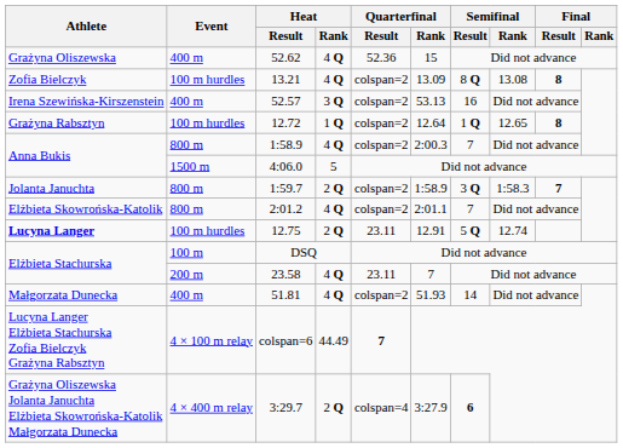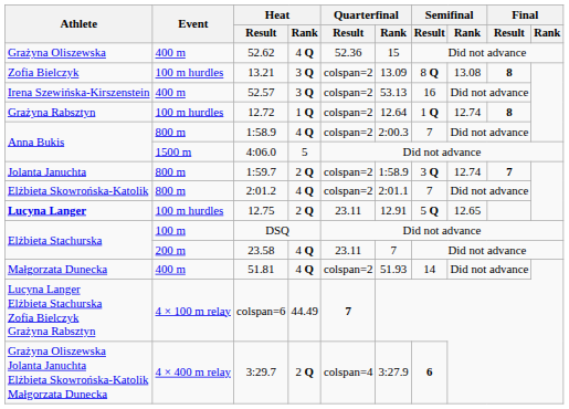 <table class="wikitable" style="font-size:90%">
 <tr>
 <th rowspan="2">Athlete</th>
 <th rowspan="2">Event</th>
 <th colspan="2">Heat</th>
 <th colspan="2">Quarterfinal</th>
 <th colspan="2">Semifinal</th>
 <th colspan="2">Final</th>
 </tr>
 <tr style="font-size:95%">
 <th>Result</th>
 <th>Rank</th>
 <th>Result</th>
 <th>Rank</th>
 <th>Result</th>
 <th>Rank</th>
 <th>Result</th>
 <th>Rank</th>
 </tr>
 <tr align=center>
 <td align=left><a href='#'>Grażyna Oliszewska</a></td>
 <td align=left><a href='#'>400 m</a></td>
 <td>52.62</td>
 <td>4 <strong>Q</strong></td>
 <td>52.36</td>
 <td>15</td>
 <td colspan=4>Did not advance</td>
 </tr>
 <tr align=center>
 <td align=left><a href='#'>Zofia Bielczyk</a></td>
 <td align=left><a href='#'>100 m hurdles</a></td>
 <td>13.21</td>
-<td>4 <strong>Q</strong></td>
+<td>3 <strong>Q</strong></td>
 <td>colspan=2 </td>
 <td>13.09</td>
 <td>8 <strong>Q</strong></td>
 <td>13.08</td>
 <td><strong>8</strong></td>
 </tr>
 <tr align=center>
 <td align=left><a href='#'>Irena Szewińska-Kirszenstein</a></td>
 <td align=left><a href='#'>400 m</a></td>
 <td>52.57</td>
 <td>3 <strong>Q</strong></td>
 <td>colspan=2 </td>
 <td>53.13</td>
 <td>16</td>
 <td colspan=2>Did not advance</td>
 </tr>
 <tr align=center>
 <td align=left><a href='#'>Grażyna Rabsztyn</a></td>
 <td align=left><a href='#'>100 m hurdles</a></td>
 <td>12.72</td>
 <td>1 <strong>Q</strong></td>
 <td>colspan=2 </td>
 <td>12.64</td>
 <td>1 <strong>Q</strong></td>
-<td>12.65</td>
+<td>12.74</td>
 <td><strong>8</strong></td>
 </tr>
 <tr align=center>
 <td style="text-align:left;" rowspan="2"><a href='#'>Anna Bukis</a></td>
 <td align=left><a href='#'>800 m</a></td>
 <td>1:58.9</td>
 <td>4 <strong>Q</strong></td>
 <td>colspan=2 </td>
 <td>2:00.3</td>
 <td>7</td>
 <td colspan=2>Did not advance</td>
 </tr>
 <tr align=center>
 <td align=left><a href='#'>1500 m</a></td>
 <td>4:06.0</td>
 <td>5</td>
 <td colspan=6>Did not advance</td>
 </tr>
 <tr align=center>
 <td align=left><a href='#'>Jolanta Januchta</a></td>
 <td align=left><a href='#'>800 m</a></td>
 <td>1:59.7</td>
 <td>2 <strong>Q</strong></td>
 <td>colspan=2 </td>
 <td>1:58.9</td>
 <td>3 <strong>Q</strong></td>
-<td>1:58.3</td>
+<td>12.74</td>
 <td><strong>7</strong></td>
 </tr>
 <tr align=center>
 <td align=left><a href='#'>Elżbieta Skowrońska-Katolik</a></td>
 <td align=left><a href='#'>800 m</a></td>
 <td>2:01.2</td>
 <td>4 <strong>Q</strong></td>
 <td>colspan=2 </td>
 <td>2:01.1</td>
 <td>7</td>
 <td colspan=2>Did not advance</td>
 </tr>
 <tr align=center>
 <td align=left><strong><a href='#'>Lucyna Langer </a></strong></td>
 <td align=left><a href='#'>100 m hurdles</a></td>
 <td>12.75</td>
 <td>2 <strong>Q</strong></td>
 <td>23.11</td>
 <td>12.91</td>
 <td>5 <strong>Q</strong></td>
-<td>12.74</td>
+<td>12.65</td>
 <td></td>
 </tr>
 <tr align=center>
 <td style="text-align:left;" rowspan="2"><a href='#'>Elżbieta Stachurska</a></td>
 <td align=left><a href='#'>100 m</a></td>
 <td colspan=2>DSQ</td>
 <td colspan=6>Did not advance</td>
 </tr>
 <tr align=center>
 <td align=left><a href='#'>200 m</a></td>
 <td>23.58</td>
 <td>4 <strong>Q</strong></td>
 <td>23.11</td>
 <td>7</td>
 <td colspan=4>Did not advance</td>
 </tr>
 <tr align=center>
 <td align=left><a href='#'>Małgorzata Dunecka</a></td>
 <td align=left><a href='#'>400 m</a></td>
 <td>51.81</td>
 <td>4 <strong>Q</strong></td>
 <td>colspan=2 </td>
 <td>51.93</td>
 <td>14</td>
 <td colspan=2>Did not advance</td>
 </tr>
 <tr align=center>
 <td align=left><a href='#'>Lucyna Langer</a><br><a href='#'>Elżbieta Stachurska</a><br> <a href='#'>Zofia Bielczyk</a><br><a href='#'>Grażyna Rabsztyn</a></td>
 <td align=left><a href='#'>4 × 100 m relay</a></td>
 <td>colspan=6 </td>
 <td>44.49</td>
 <td><strong>7</strong></td>
 </tr>
 <tr align=center>
 <td align=left><a href='#'>Grażyna Oliszewska</a><br><a href='#'>Jolanta Januchta</a><br><a href='#'>Elżbieta Skowrońska-Katolik</a><br><a href='#'>Małgorzata Dunecka</a></td>
 <td align=left><a href='#'>4 × 400 m relay</a></td>
 <td>3:29.7</td>
 <td>2 <strong>Q</strong></td>
 <td>colspan=4 </td>
 <td>3:27.9</td>
 <td><strong>6</strong></td>
 </tr>
 </table>
